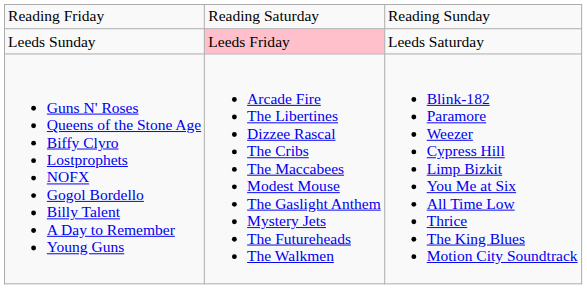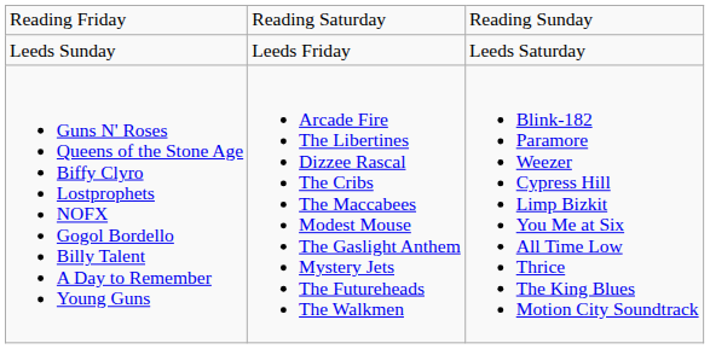 <table class="wikitable">
 <tr>
 <td>Reading Friday</td>
 <td>Reading Saturday</td>
 <td>Reading Sunday</td>
 </tr>
 <tr>
 <td>Leeds Sunday</td>
-<td style="background: pink;">Leeds Friday</td>
+<td>Leeds Friday</td>
 <td>Leeds Saturday</td>
 </tr>
 <tr>
 <td><br><ul><li><a href='#'>Guns N' Roses</a></li><li><a href='#'>Queens of the Stone Age</a></li><li><a href='#'>Biffy Clyro</a></li><li><a href='#'>Lostprophets</a></li><li><a href='#'>NOFX</a></li><li><a href='#'>Gogol Bordello</a></li><li><a href='#'>Billy Talent</a></li><li><a href='#'>A Day to Remember</a></li><li><a href='#'>Young Guns</a></li></ul></td>
 <td><br><ul><li><a href='#'>Arcade Fire</a></li><li><a href='#'>The Libertines</a></li><li><a href='#'>Dizzee Rascal</a></li><li><a href='#'>The Cribs</a></li><li><a href='#'>The Maccabees</a></li><li><a href='#'>Modest Mouse</a></li><li><a href='#'>The Gaslight Anthem</a></li><li><a href='#'>Mystery Jets</a></li><li><a href='#'>The Futureheads</a></li><li><a href='#'>The Walkmen</a></li></ul></td>
 <td><br><ul><li><a href='#'>Blink-182</a></li><li><a href='#'>Paramore</a></li><li><a href='#'>Weezer</a></li><li><a href='#'>Cypress Hill</a></li><li><a href='#'>Limp Bizkit</a></li><li><a href='#'>You Me at Six</a></li><li><a href='#'>All Time Low</a></li><li><a href='#'>Thrice</a></li><li><a href='#'>The King Blues</a></li><li><a href='#'>Motion City Soundtrack</a></li></ul></td>
 </tr>
 </table>
